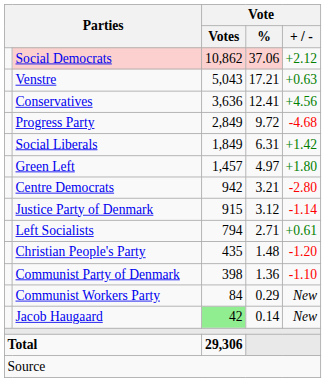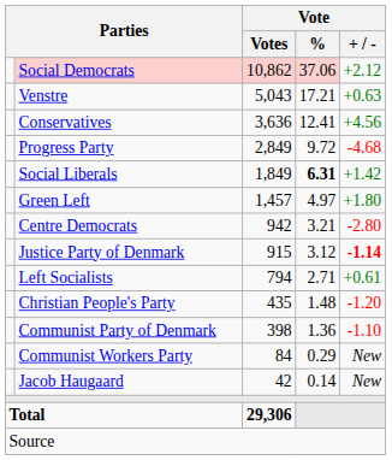 <table class="wikitable" style="text-align:right;">
 <tr>
 <th style="text-align:centre;" rowspan="2" colspan="2" width="225">Parties</th>
 <th colspan="3">Vote</th>
 </tr>
 <tr>
 <th width="15">Votes</th>
 <th width="15">%</th>
 <th width="15">+ / -</th>
 </tr>
 <tr>
 <td width="2" style="color:inherit;background:"></td>
 <td bgcolor=#fbd0ce  align="left"><a href='#'>Social Democrats</a></td>
 <td bgcolor=#fbd0ce>10,862</td>
 <td bgcolor=#fbd0ce>37.06</td>
 <td style=color:green;>+2.12</td>
 </tr>
 <tr>
 <td width="2" style="color:inherit;background:"></td>
 <td align="left"><a href='#'>Venstre</a></td>
 <td>5,043</td>
 <td>17.21</td>
 <td style=color:green;>+0.63</td>
 </tr>
 <tr>
 <td width="2" style="color:inherit;background:"></td>
 <td align="left"><a href='#'>Conservatives</a></td>
 <td>3,636</td>
 <td>12.41</td>
 <td style=color:green;>+4.56</td>
 </tr>
 <tr>
 <td width="2" style="color:inherit;background:"></td>
 <td align="left"><a href='#'>Progress Party</a></td>
 <td>2,849</td>
 <td>9.72</td>
 <td style=color:red;>-4.68</td>
 </tr>
 <tr>
 <td width="2" style="color:inherit;background:"></td>
 <td align="left"><a href='#'>Social Liberals</a></td>
 <td>1,849</td>
-<td>6.31</td>
+<td><strong>6.31</strong></td>
 <td style=color:green;>+1.42</td>
 </tr>
 <tr>
 <td width="2" style="color:inherit;background:"></td>
 <td align="left"><a href='#'>Green Left</a></td>
 <td>1,457</td>
 <td>4.97</td>
 <td style=color:green;>+1.80</td>
 </tr>
 <tr>
 <td width="2" style="color:inherit;background:"></td>
 <td align="left"><a href='#'>Centre Democrats</a></td>
 <td>942</td>
 <td>3.21</td>
 <td style=color:red;>-2.80</td>
 </tr>
 <tr>
 <td width="2" style="color:inherit;background:"></td>
 <td align="left"><a href='#'>Justice Party of Denmark</a></td>
 <td>915</td>
 <td>3.12</td>
-<td style=color:red;>-1.14</td>
+<td style=color:red;><strong>-1.14</strong></td>
 </tr>
 <tr>
 <td width="2" style="color:inherit;background:"></td>
 <td align="left"><a href='#'>Left Socialists</a></td>
 <td>794</td>
 <td>2.71</td>
 <td style=color:green;>+0.61</td>
 </tr>
 <tr>
 <td width="2" style="color:inherit;background:"></td>
 <td align="left"><a href='#'>Christian People's Party</a></td>
 <td>435</td>
 <td>1.48</td>
 <td style=color:red;>-1.20</td>
 </tr>
 <tr>
 <td width="2" style="color:inherit;background:"></td>
 <td align="left"><a href='#'>Communist Party of Denmark</a></td>
 <td>398</td>
 <td>1.36</td>
 <td style=color:red;>-1.10</td>
 </tr>
 <tr>
 <td width="2" style="color:inherit;background:"></td>
 <td align="left"><a href='#'>Communist Workers Party</a></td>
 <td>84</td>
 <td>0.29</td>
 <td><em>New</em></td>
 </tr>
 <tr>
 <td width="2" style="color:inherit;background:"></td>
 <td align="left"><a href='#'>Jacob Haugaard</a></td>
-<td style="background: lightgreen;">42</td>
+<td>42</td>
 <td>0.14</td>
 <td><em>New</em></td>
 </tr>
 <tr>
 <td colspan="7" bgcolor="#E9E9E9"></td>
 </tr>
 <tr>
 <td align="left" colspan="2"><strong>Total</strong></td>
 <td><strong>29,306</strong></td>
 <td bgcolor="#E9E9E9" colspan="2"></td>
 </tr>
 <tr>
 <td align="left" colspan="6">Source</td>
 </tr>
 </table>
